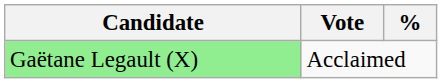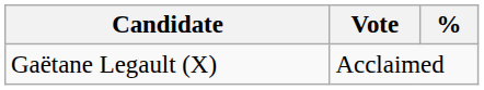 <table class="wikitable">
 <tr>
 <th bgcolor="#DDDDFF" width="200px">Candidate</th>
 <th bgcolor="#DDDDFF" width="50px">Vote</th>
 <th bgcolor="#DDDDFF" width="30px">%</th>
 </tr>
 <tr>
-<td style="background: lightgreen;">Gaëtane Legault (X)</td>
+<td>Gaëtane Legault (X)</td>
 <td colspan="2">Acclaimed</td>
 </tr>
 </table>
